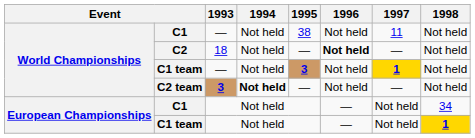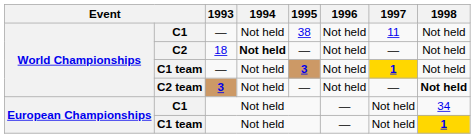 <table class="wikitable plainrowheaders" style=font-size:90%>
 <tr>
 <th scope="col" colspan=2>Event</th>
 <th scope="col">1993</th>
 <th scope="col">1994</th>
 <th scope="col">1995</th>
 <th scope="col">1996</th>
 <th scope="col">1997</th>
 <th scope="col">1998</th>
 </tr>
 <tr style="text-align:center;">
 <th scope="row" rowspan=4><a href='#'>World Championships</a></th>
 <th scope="row">C1</th>
 <td>—</td>
 <td>Not held</td>
 <td><a href='#'>38</a></td>
 <td>Not held</td>
 <td><a href='#'>11</a></td>
 <td>Not held</td>
 </tr>
 <tr style="text-align:center;">
 <th scope="row">C2</th>
 <td><a href='#'>18</a></td>
+<td><strong>Not held</strong></td>
+<td>—</td>
 <td>Not held</td>
-<td>—</td>
-<td><strong>Not held</strong></td>
 <td>—</td>
 <td>Not held</td>
 </tr>
 <tr style="text-align:center;">
 <th scope="row">C1 team</th>
 <td>—</td>
 <td>Not held</td>
 <td style="background:#cc9966;"><a href='#'><strong>3</strong></a></td>
 <td>Not held</td>
 <td style="background:gold;"><a href='#'><strong>1</strong></a></td>
 <td>Not held</td>
 </tr>
 <tr style="text-align:center;">
 <th scope="row">C2 team</th>
 <td style="background:#cc9966;"><a href='#'><strong>3</strong></a></td>
-<td><strong>Not held</strong></td>
+<td>Not held</td>
 <td>—</td>
 <td>Not held</td>
 <td>—</td>
-<td>Not held</td>
+<td><strong>Not held</strong></td>
 </tr>
 <tr style="text-align:center;">
 <th scope="row" rowspan=2><a href='#'>European Championships</a></th>
 <th scope="row">C1</th>
 <td colspan=3>Not held</td>
 <td>—</td>
 <td>Not held</td>
 <td><a href='#'>34</a></td>
 </tr>
 <tr style="text-align:center;">
 <th scope="row">C1 team</th>
 <td colspan=3>Not held</td>
 <td>—</td>
 <td>Not held</td>
 <td style="background:gold;"><a href='#'><strong>1</strong></a></td>
 </tr>
 </table>
